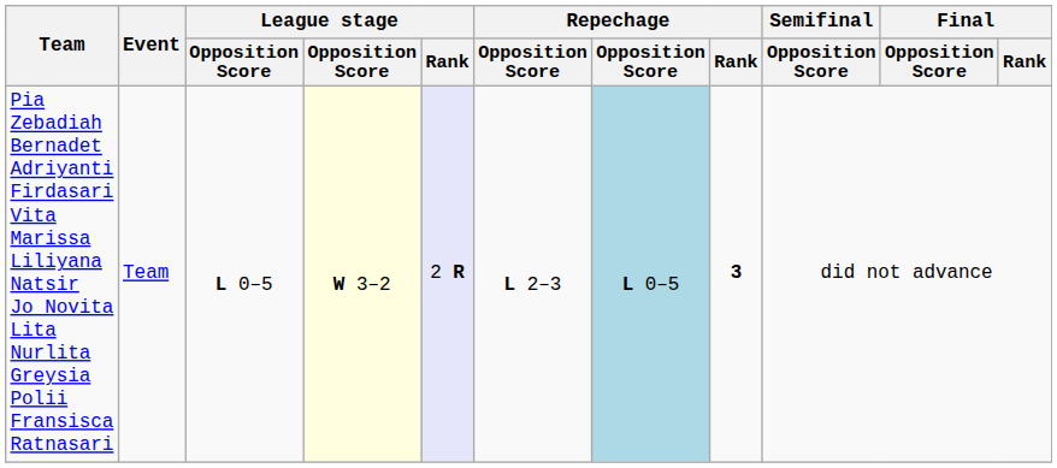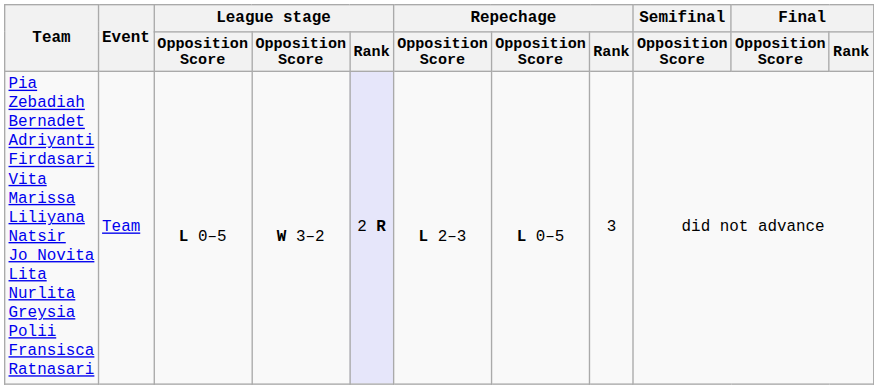 <table class="wikitable" style="font-size:90%">
 <tr>
 <th rowspan=2>Team</th>
 <th rowspan=2>Event</th>
 <th colspan=3>League stage</th>
 <th colspan=3>Repechage</th>
 <th>Semifinal</th>
 <th colspan=2>Final</th>
 </tr>
 <tr style="font-size:95%">
 <th>Opposition<br>Score</th>
 <th>Opposition<br>Score</th>
 <th>Rank</th>
 <th>Opposition<br>Score</th>
 <th>Opposition<br>Score</th>
 <th>Rank</th>
 <th>Opposition<br>Score</th>
 <th>Opposition<br>Score</th>
 <th>Rank</th>
 </tr>
 <tr align=center>
 <td align=left><a href='#'>Pia Zebadiah Bernadet</a><br><a href='#'>Adriyanti Firdasari</a><br><a href='#'>Vita Marissa</a><br><a href='#'>Liliyana Natsir</a><br><a href='#'>Jo Novita</a><br><a href='#'>Lita Nurlita</a><br><a href='#'>Greysia Polii</a><br><a href='#'>Fransisca Ratnasari</a></td>
 <td align=left rowspan=2><a href='#'>Team</a></td>
 <td> <br><strong>L</strong> 0–5</td>
-<td style="background: lightyellow;"> <br><strong>W</strong> 3–2</td>
+<td> <br><strong>W</strong> 3–2</td>
 <td style="background: lavender;">2 <strong>R</strong></td>
 <td> <br><strong>L</strong> 2–3</td>
-<td style="background: lightblue;"> <br><strong>L</strong> 0–5</td>
-<td><strong>3</strong></td>
+<td> <br><strong>L</strong> 0–5</td>
+<td>3</td>
 <td align="center" colspan=3>did not advance</td>
 </tr>
 </table>
